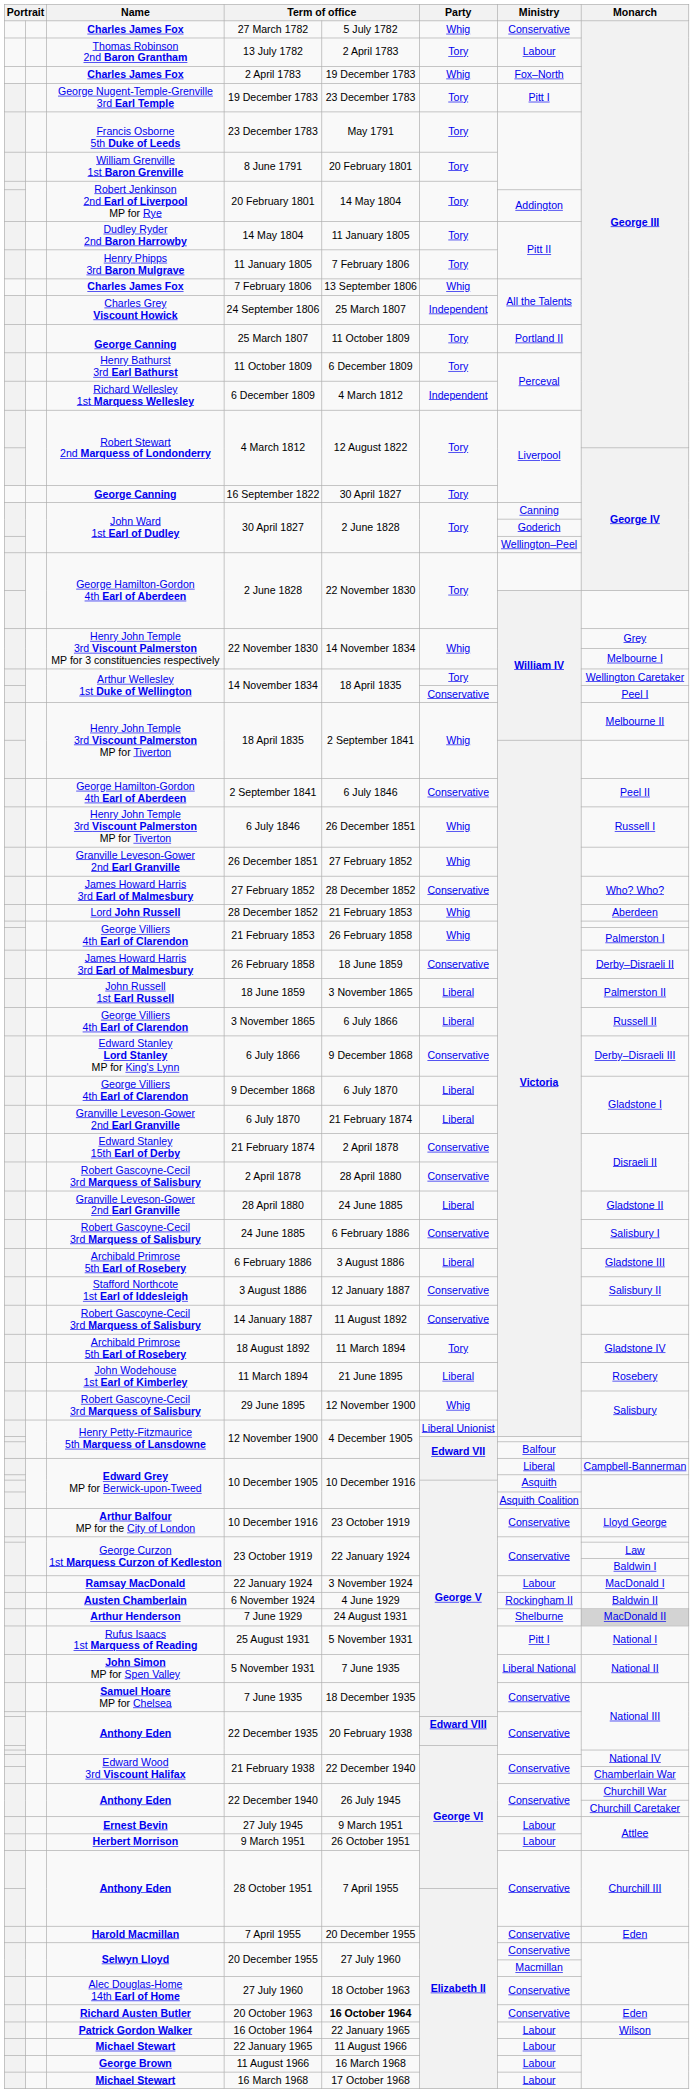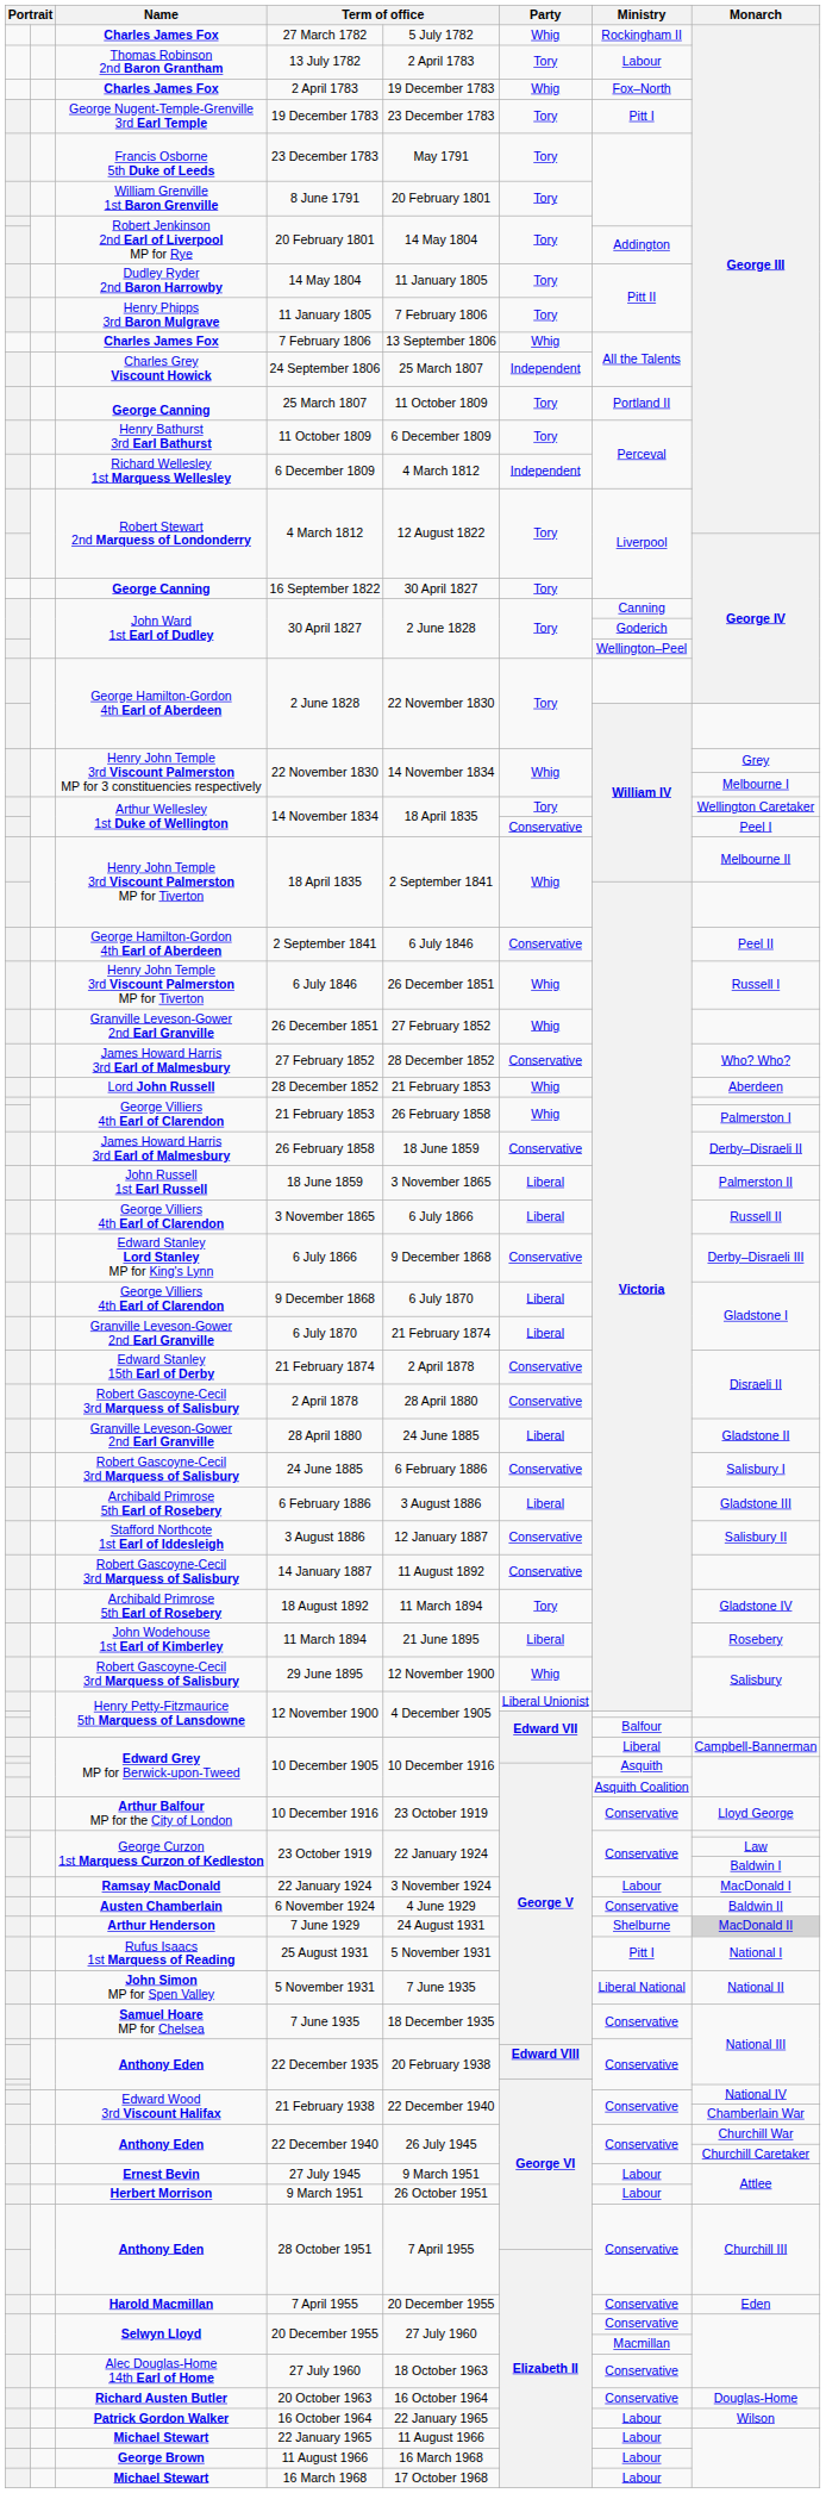 <table class="wikitable plainrowheaders" style="text-align:center">
 <tr>
 <th colspan=2>Portrait</th>
 <th>Name</th>
 <th colspan=2>Term of office</th>
 <th>Party</th>
 <th>Ministry</th>
 <th>Monarch<br></th>
 </tr>
 <tr>
 <td style="background-color: "></td>
 <td></td>
 <td><strong><a href='#'>Charles James Fox</a></strong><br></td>
 <td>27 March 1782</td>
 <td>5 July 1782</td>
 <td><a href='#'>Whig</a></td>
-<td><a href='#'>Conservative</a></td>
+<td><a href='#'>Rockingham II</a></td>
 <th scope=row style="text-align:center" rowspan=16><a href='#'><strong>George III</strong></a><br><br><br></th>
 </tr>
 <tr>
 <td style="background-color: "></td>
 <td></td>
 <td><a href='#'>Thomas Robinson<br>2nd <strong>Baron Grantham</strong></a></td>
 <td>13 July 1782</td>
 <td>2 April 1783</td>
 <td><a href='#'>Tory</a></td>
 <td><a href='#'>Labour</a></td>
 </tr>
 <tr>
 <td style="background-color: "></td>
 <td></td>
 <td><strong><a href='#'>Charles James Fox</a></strong><br></td>
 <td>2 April 1783</td>
 <td>19 December 1783</td>
 <td><a href='#'>Whig</a></td>
 <td><a href='#'>Fox–North</a></td>
 </tr>
 <tr>
 <th style="background-color: "></th>
 <td></td>
 <td><a href='#'>George Nugent-Temple-Grenville<br>3rd <strong>Earl Temple</strong></a></td>
 <td>19 December 1783</td>
 <td>23 December 1783</td>
 <td><a href='#'>Tory</a></td>
 <td><a href='#'>Pitt I</a></td>
 </tr>
 <tr>
 <th style="background-color: "></th>
 <td></td>
 <td><a href='#'><br>Francis Osborne<br>5th <strong>Duke of Leeds</strong></a></td>
 <td>23 December 1783</td>
 <td>May 1791</td>
 <td><a href='#'>Tory</a></td>
 </tr>
 <tr>
 <th style="background-color: "></th>
 <td></td>
 <td><a href='#'>William Grenville<br>1st <strong>Baron Grenville</strong></a></td>
 <td>8 June 1791</td>
 <td>20 February 1801</td>
 <td><a href='#'>Tory</a></td>
 </tr>
 <tr>
 <th style="background-color: "></th>
 <td rowspan=2></td>
 <td rowspan=2><a href='#'>Robert Jenkinson<br>2nd <strong>Earl of Liverpool</strong></a><br>MP for <a href='#'>Rye</a></td>
 <td rowspan=2>20 February 1801</td>
 <td rowspan=2>14 May 1804</td>
 <td rowspan=2 ><a href='#'>Tory</a></td>
 </tr>
 <tr>
 <th style="background-color: "></th>
 <td><a href='#'>Addington</a></td>
 </tr>
 <tr>
 <th style="background-color: "></th>
 <td></td>
 <td><a href='#'>Dudley Ryder<br>2nd <strong>Baron Harrowby</strong></a></td>
 <td>14 May 1804</td>
 <td>11 January 1805</td>
 <td><a href='#'>Tory</a></td>
 <td rowspan=2 ><a href='#'>Pitt II</a></td>
 </tr>
 <tr>
 <th style="background-color: "></th>
 <td></td>
 <td><a href='#'>Henry Phipps<br>3rd <strong>Baron Mulgrave</strong></a></td>
 <td>11 January 1805</td>
 <td>7 February 1806</td>
 <td><a href='#'>Tory</a></td>
 </tr>
 <tr>
 <td style="background-color: "></td>
 <td></td>
 <td><strong><a href='#'>Charles James Fox</a></strong><br></td>
 <td>7 February 1806</td>
 <td>13 September 1806</td>
 <td><a href='#'>Whig</a></td>
 <td rowspan=2 ><a href='#'>All the Talents</a><br></td>
 </tr>
 <tr>
 <th style="background-color: "></th>
 <td></td>
 <td><a href='#'>Charles Grey<br><strong>Viscount Howick</strong></a><br></td>
 <td>24 September 1806</td>
 <td>25 March 1807</td>
 <td><a href='#'>Independent</a></td>
 </tr>
 <tr>
 <th style="background-color: "></th>
 <td></td>
 <td><a href='#'><br><strong>George Canning</strong></a><br></td>
 <td>25 March 1807</td>
 <td>11 October 1809</td>
 <td><a href='#'>Tory</a></td>
 <td><a href='#'>Portland II</a></td>
 </tr>
 <tr>
 <th style="background-color: "></th>
 <td></td>
 <td><a href='#'>Henry Bathurst<br>3rd <strong>Earl Bathurst</strong></a></td>
 <td>11 October 1809</td>
 <td>6 December 1809</td>
 <td><a href='#'>Tory</a></td>
 <td rowspan=2 ><a href='#'>Perceval</a></td>
 </tr>
 <tr>
 <th style="background-color: "></th>
 <td></td>
 <td><a href='#'>Richard Wellesley<br>1st <strong>Marquess Wellesley</strong></a></td>
 <td>6 December 1809</td>
 <td>4 March 1812</td>
 <td><a href='#'>Independent</a></td>
 </tr>
 <tr>
 <th height=50 style="background-color: "></th>
 <td rowspan=2></td>
 <td rowspan=2><a href='#'>Robert Stewart<br>2nd <strong>Marquess of Londonderry</strong></a></td>
 <td rowspan=2>4 March 1812</td>
 <td rowspan=2>12 August 1822</td>
 <td rowspan=2 ><a href='#'>Tory</a></td>
 <td rowspan=3 ><a href='#'>Liverpool</a></td>
 </tr>
 <tr>
 <th height=50 style="background-color: "></th>
 <th scope=row style="text-align:center" rowspan=6><a href='#'><strong>George IV</strong></a><br></th>
 </tr>
 <tr>
 <td style="background-color: "></td>
 <td></td>
 <td><strong><a href='#'>George Canning</a></strong><br></td>
 <td>16 September 1822</td>
 <td>30 April 1827</td>
 <td><a href='#'>Tory</a></td>
 </tr>
 <tr>
 <th rowspan=2 style="background-color: "></th>
 <td rowspan=3></td>
 <td rowspan=3><a href='#'>John Ward<br>1st <strong>Earl of Dudley</strong></a></td>
 <td rowspan=3>30 April 1827</td>
 <td rowspan=3>2 June 1828</td>
 <td rowspan=3 ><a href='#'>Tory</a></td>
 <td><a href='#'>Canning</a><br></td>
 </tr>
 <tr>
 <td><a href='#'>Goderich</a></td>
 </tr>
 <tr>
 <th style="background-color: "></th>
 <td><a href='#'>Wellington–Peel</a></td>
 </tr>
 <tr>
 <th height=50 style="background-color: "></th>
 <td rowspan=2></td>
 <td rowspan=2><a href='#'>George Hamilton-Gordon<br>4th <strong>Earl of Aberdeen</strong></a></td>
 <td rowspan=2>2 June 1828</td>
 <td rowspan=2>22 November 1830</td>
 <td rowspan=2 ><a href='#'>Tory</a></td>
 </tr>
 <tr>
 <th height=50 style="background-color: "></th>
 <th scope=row style="text-align:center" rowspan=6><a href='#'><strong>William IV</strong></a><br></th>
 </tr>
 <tr>
 <th rowspan=2 style="background-color: "></th>
 <td rowspan=2></td>
 <td rowspan=2><a href='#'>Henry John Temple<br>3rd <strong>Viscount Palmerston</strong></a><br>MP for 3 constituencies respectively</td>
 <td rowspan=2>22 November 1830</td>
 <td rowspan=2>14 November 1834</td>
 <td rowspan=2 ><a href='#'>Whig</a></td>
 <td><a href='#'>Grey</a></td>
 </tr>
 <tr>
 <td><a href='#'>Melbourne I</a></td>
 </tr>
 <tr>
 <th style="background-color: "></th>
 <td rowspan=2></td>
 <td rowspan=2><a href='#'>Arthur Wellesley<br>1st <strong>Duke of Wellington</strong></a></td>
 <td rowspan=2>14 November 1834</td>
 <td rowspan=2>18 April 1835</td>
 <td><a href='#'>Tory</a></td>
 <td><a href='#'>Wellington Caretaker</a></td>
 </tr>
 <tr>
 <th style="background-color: "></th>
 <td><a href='#'>Conservative</a></td>
 <td><a href='#'>Peel I</a></td>
 </tr>
 <tr>
 <th height=50 style="background-color: "></th>
 <td rowspan=2></td>
 <td rowspan=2><a href='#'>Henry John Temple<br>3rd <strong>Viscount Palmerston</strong></a><br>MP for <a href='#'>Tiverton</a></td>
 <td rowspan=2>18 April 1835</td>
 <td rowspan=2>2 September 1841</td>
 <td rowspan=2 ><a href='#'>Whig</a></td>
 <td><a href='#'>Melbourne II</a></td>
 </tr>
 <tr>
 <th height=50 style="background-color: "></th>
 <th scope=row style="text-align:center" rowspan=25><a href='#'><strong>Victoria</strong></a><br><br></th>
 </tr>
 <tr>
 <th style="background-color: "></th>
 <td></td>
 <td><a href='#'>George Hamilton-Gordon<br>4th <strong>Earl of Aberdeen</strong></a></td>
 <td>2 September 1841</td>
 <td>6 July 1846</td>
 <td><a href='#'>Conservative</a></td>
 <td><a href='#'>Peel II</a></td>
 </tr>
 <tr>
 <th style="background-color: "></th>
 <td></td>
 <td><a href='#'>Henry John Temple<br>3rd <strong>Viscount Palmerston</strong></a><br>MP for <a href='#'>Tiverton</a></td>
 <td>6 July 1846</td>
 <td>26 December 1851</td>
 <td><a href='#'>Whig</a></td>
 <td><a href='#'>Russell I</a></td>
 </tr>
 <tr>
 <th style="background-color: "></th>
 <td></td>
 <td><a href='#'>Granville Leveson-Gower<br>2nd <strong>Earl Granville</strong></a></td>
 <td>26 December 1851</td>
 <td>27 February 1852</td>
 <td><a href='#'>Whig</a></td>
 </tr>
 <tr>
 <th style="background-color: "></th>
 <td></td>
 <td><a href='#'>James Howard Harris<br>3rd <strong>Earl of Malmesbury</strong></a></td>
 <td>27 February 1852</td>
 <td>28 December 1852</td>
 <td><a href='#'>Conservative</a></td>
 <td><a href='#'>Who? Who?</a></td>
 </tr>
 <tr>
 <th style="background-color: "></th>
 <td></td>
 <td><a href='#'>Lord <strong>John Russell</strong></a><br></td>
 <td>28 December 1852</td>
 <td>21 February 1853</td>
 <td><a href='#'>Whig</a></td>
 <td><a href='#'>Aberdeen</a><br></td>
 </tr>
 <tr>
 <th style="background-color: "></th>
 <td rowspan=2></td>
 <td rowspan=2><a href='#'>George Villiers<br>4th <strong>Earl of Clarendon</strong></a></td>
 <td rowspan=2>21 February 1853</td>
 <td rowspan=2>26 February 1858</td>
 <td rowspan=2 ><a href='#'>Whig</a></td>
 </tr>
 <tr>
 <th style="background-color: "></th>
 <td><a href='#'>Palmerston I</a></td>
 </tr>
 <tr>
 <th style="background-color: "></th>
 <td></td>
 <td><a href='#'>James Howard Harris<br>3rd <strong>Earl of Malmesbury</strong></a></td>
 <td>26 February 1858</td>
 <td>18 June 1859</td>
 <td><a href='#'>Conservative</a></td>
 <td><a href='#'>Derby–Disraeli II</a></td>
 </tr>
 <tr>
 <th style="background-color: "></th>
 <td></td>
 <td><a href='#'>John Russell<br>1st <strong>Earl Russell</strong></a></td>
 <td>18 June 1859</td>
 <td>3 November 1865</td>
 <td><a href='#'>Liberal</a></td>
 <td><a href='#'>Palmerston II</a></td>
 </tr>
 <tr>
 <th style="background-color: "></th>
 <td></td>
 <td><a href='#'>George Villiers<br>4th <strong>Earl of Clarendon</strong></a></td>
 <td>3 November 1865</td>
 <td>6 July 1866</td>
 <td><a href='#'>Liberal</a></td>
 <td><a href='#'>Russell II</a></td>
 </tr>
 <tr>
 <th style="background-color: "></th>
 <td></td>
 <td><a href='#'>Edward Stanley<br><strong>Lord Stanley</strong></a><br>MP for <a href='#'>King's Lynn</a></td>
 <td>6 July 1866</td>
 <td>9 December 1868</td>
 <td><a href='#'>Conservative</a></td>
 <td><a href='#'>Derby–Disraeli III</a></td>
 </tr>
 <tr>
 <th style="background-color: "></th>
 <td></td>
 <td><a href='#'>George Villiers<br>4th <strong>Earl of Clarendon</strong></a></td>
 <td>9 December 1868</td>
 <td>6 July 1870</td>
 <td><a href='#'>Liberal</a></td>
 <td rowspan=2 ><a href='#'>Gladstone I</a></td>
 </tr>
 <tr>
 <th style="background-color: "></th>
 <td></td>
 <td><a href='#'>Granville Leveson-Gower<br>2nd <strong>Earl Granville</strong></a></td>
 <td>6 July 1870</td>
 <td>21 February 1874</td>
 <td><a href='#'>Liberal</a></td>
 </tr>
 <tr>
 <th style="background-color: "></th>
 <td></td>
 <td><a href='#'>Edward Stanley<br>15th <strong>Earl of Derby</strong></a></td>
 <td>21 February 1874</td>
 <td>2 April 1878</td>
 <td><a href='#'>Conservative</a></td>
 <td rowspan=2 ><a href='#'>Disraeli II</a></td>
 </tr>
 <tr>
 <th style="background-color: "></th>
 <td></td>
 <td><a href='#'>Robert Gascoyne-Cecil<br>3rd <strong>Marquess of Salisbury</strong></a></td>
 <td>2 April 1878</td>
 <td>28 April 1880</td>
 <td><a href='#'>Conservative</a></td>
 </tr>
 <tr>
 <th style="background-color: "></th>
 <td></td>
 <td><a href='#'>Granville Leveson-Gower<br>2nd <strong>Earl Granville</strong></a></td>
 <td>28 April 1880</td>
 <td>24 June 1885</td>
 <td><a href='#'>Liberal</a></td>
 <td><a href='#'>Gladstone II</a></td>
 </tr>
 <tr>
 <th style="background-color: "></th>
 <td></td>
 <td><a href='#'>Robert Gascoyne-Cecil<br>3rd <strong>Marquess of Salisbury</strong></a></td>
 <td>24 June 1885</td>
 <td>6 February 1886</td>
 <td><a href='#'>Conservative</a></td>
 <td><a href='#'>Salisbury I</a></td>
 </tr>
 <tr>
 <th style="background-color: "></th>
 <td></td>
 <td><a href='#'>Archibald Primrose<br>5th <strong>Earl of Rosebery</strong></a></td>
 <td>6 February 1886</td>
 <td>3 August 1886</td>
 <td><a href='#'>Liberal</a></td>
 <td><a href='#'>Gladstone III</a></td>
 </tr>
 <tr>
 <th style="background-color: "></th>
 <td></td>
 <td><a href='#'>Stafford Northcote<br>1st <strong>Earl of Iddesleigh</strong></a></td>
 <td>3 August 1886</td>
 <td>12 January 1887</td>
 <td><a href='#'>Conservative</a></td>
 <td><a href='#'>Salisbury II</a></td>
 </tr>
 <tr>
 <th style="background-color: "></th>
 <td></td>
 <td><a href='#'>Robert Gascoyne-Cecil<br>3rd <strong>Marquess of Salisbury</strong></a></td>
 <td>14 January 1887</td>
 <td>11 August 1892</td>
 <td><a href='#'>Conservative</a></td>
 </tr>
 <tr>
 <th style="background-color: "></th>
 <td></td>
 <td><a href='#'>Archibald Primrose<br>5th <strong>Earl of Rosebery</strong></a></td>
 <td>18 August 1892</td>
 <td>11 March 1894</td>
 <td><a href='#'>Tory</a></td>
 <td><a href='#'>Gladstone IV</a></td>
 </tr>
 <tr>
 <th style="background-color: "></th>
 <td></td>
 <td><a href='#'>John Wodehouse<br>1st <strong>Earl of Kimberley</strong></a></td>
 <td>11 March 1894</td>
 <td>21 June 1895</td>
 <td><a href='#'>Liberal</a></td>
 <td><a href='#'>Rosebery</a></td>
 </tr>
 <tr>
 <th style="background-color: "></th>
 <td></td>
 <td><a href='#'>Robert Gascoyne-Cecil<br>3rd <strong>Marquess of Salisbury</strong></a></td>
 <td>29 June 1895</td>
 <td>12 November 1900</td>
 <td><a href='#'>Whig</a></td>
 <td rowspan=3 ><a href='#'>Salisbury<br></a><br></td>
 </tr>
 <tr>
 <th style="background-color: "></th>
 <td rowspan=3></td>
 <td rowspan=3><a href='#'>Henry Petty-Fitzmaurice<br>5th <strong>Marquess of Lansdowne</strong></a></td>
 <td rowspan=3>12 November 1900</td>
 <td rowspan=3>4 December 1905</td>
 <td><a href='#'>Liberal Unionist</a></td>
 </tr>
 <tr>
 <th style="background-color: "></th>
 <th scope=row style="text-align:center" rowspan=4><strong><a href='#'>Edward VII</a></strong><br><br></th>
 </tr>
 <tr>
 <th style="background-color: "></th>
 <td><a href='#'>Balfour</a></td>
 </tr>
 <tr>
 <th style="background-color: "></th>
 <td rowspan=4></td>
 <td rowspan=4><a href='#'><strong>Edward Grey</strong></a><br>MP for <a href='#'>Berwick-upon-Tweed</a></td>
 <td rowspan=4>10 December 1905</td>
 <td rowspan=4>10 December 1916</td>
 <td><a href='#'>Liberal</a></td>
 <td><a href='#'>Campbell-Bannerman</a></td>
 </tr>
 <tr>
 <th style="background-color: "></th>
 <td rowspan=2 ><a href='#'>Asquith<br></a></td>
 </tr>
 <tr>
 <th style="background-color: "></th>
 <th scope=row style="text-align:center" rowspan=13><strong><a href='#'>George V</a></strong><br></th>
 </tr>
 <tr>
 <th style="background-color: "></th>
 <td><a href='#'>Asquith Coalition</a><br></td>
 </tr>
 <tr>
 <th style="background-color: "></th>
 <td></td>
 <td><strong><a href='#'>Arthur Balfour</a></strong><br>MP for the <a href='#'>City of London</a></td>
 <td>10 December 1916</td>
 <td>23 October 1919</td>
 <td><a href='#'>Conservative</a></td>
 <td><a href='#'>Lloyd George<br></a></td>
 </tr>
 <tr>
 <th style="background-color: "></th>
 <td rowspan=3></td>
 <td rowspan=3><a href='#'>George Curzon<br>1st <strong>Marquess Curzon of Kedleston</strong></a></td>
 <td rowspan=3>23 October 1919</td>
 <td rowspan=3>22 January 1924</td>
 <td rowspan=3 ><a href='#'>Conservative</a></td>
 </tr>
 <tr>
 <th rowspan=2 style="background-color: "></th>
 <td><a href='#'>Law</a></td>
 </tr>
 <tr>
 <td><a href='#'>Baldwin I</a></td>
 </tr>
 <tr>
 <th style="background-color: "></th>
 <td></td>
 <td><strong><a href='#'>Ramsay MacDonald</a></strong><br></td>
 <td>22 January 1924</td>
 <td>3 November 1924</td>
 <td><a href='#'>Labour</a></td>
 <td><a href='#'>MacDonald I</a></td>
 </tr>
 <tr>
 <th style="background-color: "></th>
 <td></td>
 <td><strong><a href='#'>Austen Chamberlain</a></strong><br></td>
 <td>6 November 1924</td>
 <td>4 June 1929</td>
-<td><a href='#'>Rockingham II</a></td>
+<td><a href='#'>Conservative</a></td>
 <td><a href='#'>Baldwin II</a></td>
 </tr>
 <tr>
 <th style="background-color: "></th>
 <td></td>
 <td><strong><a href='#'>Arthur Henderson</a></strong><br></td>
 <td>7 June 1929</td>
 <td>24 August 1931</td>
 <td><a href='#'>Shelburne</a><br></td>
 <td style="background: lightgrey;"><a href='#'>MacDonald II</a></td>
 </tr>
 <tr>
 <th style="background-color: "></th>
 <td></td>
 <td><a href='#'>Rufus Isaacs<br>1st <strong>Marquess of Reading</strong></a></td>
 <td>25 August 1931</td>
 <td>5 November 1931</td>
 <td><a href='#'>Pitt I</a></td>
 <td><a href='#'>National I</a><br></td>
 </tr>
 <tr>
 <th style="background-color: "></th>
 <td></td>
 <td><a href='#'><strong>John Simon</strong></a><br>MP for <a href='#'>Spen Valley</a></td>
 <td>5 November 1931</td>
 <td>7 June 1935</td>
 <td><a href='#'>Liberal National</a></td>
 <td><a href='#'>National II</a></td>
 </tr>
 <tr>
 <th style="background-color: "></th>
 <td></td>
 <td><a href='#'><strong>Samuel Hoare</strong></a><br>MP for <a href='#'>Chelsea</a></td>
 <td>7 June 1935</td>
 <td>18 December 1935</td>
 <td><a href='#'>Conservative</a></td>
 <td rowspan=4 ><a href='#'>National III</a><br></td>
 </tr>
 <tr>
 <th style="background-color: "></th>
 <td rowspan=4></td>
 <td rowspan=4><strong><a href='#'>Anthony Eden</a></strong><br></td>
 <td rowspan=4>22 December 1935</td>
 <td rowspan=4>20 February 1938</td>
 <td rowspan=4 ><a href='#'>Conservative</a></td>
 </tr>
 <tr>
 <th style="background-color: "></th>
 <th scope=row style="text-align:center"><strong><a href='#'>Edward VIII</a></strong><br><br></th>
 </tr>
 <tr>
 <th style="background-color: "></th>
 <th scope=row style="text-align:center" rowspan=10><strong><a href='#'>George VI</a></strong><br></th>
 </tr>
 <tr>
 <th style="background-color: "></th>
 <td rowspan=2 ><a href='#'>National IV</a></td>
 </tr>
 <tr>
 <th style="background-color: "></th>
 <td rowspan=3></td>
 <td rowspan=3><a href='#'>Edward Wood<br>3rd <strong>Viscount Halifax</strong></a></td>
 <td rowspan=3>21 February 1938</td>
 <td rowspan=3>22 December 1940</td>
 <td rowspan=3 ><a href='#'>Conservative</a></td>
 </tr>
 <tr>
 <th rowspan=2 style="background-color: "></th>
 <td><a href='#'>Chamberlain War</a></td>
 </tr>
 <tr>
 <td rowspan=2 ><a href='#'>Churchill War</a><br></td>
 </tr>
 <tr>
 <th rowspan=2 style="background-color: "></th>
 <td rowspan=2></td>
 <td rowspan=2><strong><a href='#'>Anthony Eden</a></strong><br></td>
 <td rowspan=2>22 December 1940</td>
 <td rowspan=2>26 July 1945</td>
 <td rowspan=2 ><a href='#'>Conservative</a></td>
 </tr>
 <tr>
 <td><a href='#'>Churchill Caretaker</a><br></td>
 </tr>
 <tr>
 <th style="background-color: "></th>
 <td></td>
 <td><strong><a href='#'>Ernest Bevin</a></strong><br></td>
 <td>27 July 1945</td>
 <td>9 March 1951</td>
 <td><a href='#'>Labour</a></td>
 <td rowspan=2 ><a href='#'>Attlee<br></a></td>
 </tr>
 <tr>
 <th style="background-color: "></th>
 <td></td>
 <td><strong><a href='#'>Herbert Morrison</a></strong><br></td>
 <td>9 March 1951</td>
 <td>26 October 1951</td>
 <td><a href='#'>Labour</a></td>
 </tr>
 <tr>
 <th height=50 style="background-color: "></th>
 <td rowspan=2></td>
 <td rowspan=2><strong><a href='#'>Anthony Eden</a></strong><br></td>
 <td rowspan=2>28 October 1951</td>
 <td rowspan=2>7 April 1955</td>
 <td rowspan=2 ><a href='#'>Conservative</a></td>
 <td rowspan=2 ><a href='#'>Churchill III</a></td>
 </tr>
 <tr>
 <th height=50 style="background-color: "></th>
 <th scope=row style="text-align:center" rowspan=10><strong><a href='#'>Elizabeth II</a></strong><br></th>
 </tr>
 <tr>
 <th style="background-color: "></th>
 <td></td>
 <td><strong><a href='#'>Harold Macmillan</a></strong><br></td>
 <td>7 April 1955</td>
 <td>20 December 1955</td>
 <td><a href='#'>Conservative</a></td>
 <td><a href='#'>Eden</a></td>
 </tr>
 <tr>
 <th rowspan=2 style="background-color: "></th>
 <td rowspan=2></td>
 <td rowspan=2><strong><a href='#'>Selwyn Lloyd</a></strong><br></td>
 <td rowspan=2>20 December 1955</td>
 <td rowspan=2>27 July 1960</td>
 <td><a href='#'>Conservative</a></td>
 </tr>
 <tr>
 <td><a href='#'>Macmillan<br></a></td>
 </tr>
 <tr>
 <th style="background-color: "></th>
 <td></td>
 <td><a href='#'>Alec Douglas-Home<br>14th <strong>Earl of Home</strong></a></td>
 <td>27 July 1960</td>
 <td>18 October 1963</td>
 <td><a href='#'>Conservative</a></td>
 </tr>
 <tr>
 <th style="background-color: "></th>
 <td></td>
 <td><a href='#'><strong>Richard Austen Butler</strong></a><br></td>
 <td>20 October 1963</td>
-<td><strong>16 October 1964</strong></td>
+<td>16 October 1964</td>
 <td><a href='#'>Conservative</a></td>
-<td><a href='#'>Eden</a></td>
+<td><a href='#'>Douglas-Home</a></td>
 </tr>
 <tr>
 <th style="background-color: "></th>
 <td></td>
 <td><strong><a href='#'>Patrick Gordon Walker</a></strong><br></td>
 <td>16 October 1964</td>
 <td>22 January 1965</td>
 <td><a href='#'>Labour</a></td>
 <td><a href='#'>Wilson<br></a></td>
 </tr>
 <tr>
 <th style="background-color: "></th>
 <td></td>
 <td><a href='#'><strong>Michael Stewart</strong></a><br></td>
 <td>22 January 1965</td>
 <td>11 August 1966</td>
 <td><a href='#'>Labour</a></td>
 </tr>
 <tr>
 <th style="background-color: "></th>
 <td></td>
 <td><a href='#'><strong>George Brown</strong></a><br></td>
 <td>11 August 1966</td>
 <td>16 March 1968</td>
 <td><a href='#'>Labour</a></td>
 </tr>
 <tr>
 <th style="background-color: "></th>
 <td></td>
 <td><a href='#'><strong>Michael Stewart</strong></a><br></td>
 <td>16 March 1968</td>
 <td>17 October 1968</td>
 <td><a href='#'>Labour</a></td>
 </tr>
 </table>
